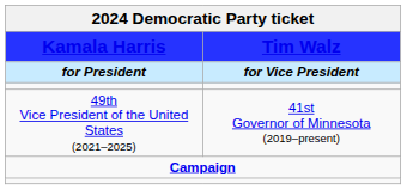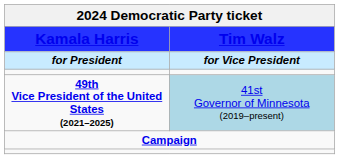 <table class="wikitable" style="font-size:90%; text-align:center;">
 <tr>
 <td colspan="30" style="background:#f1f1f1;"><big><strong>2024 Democratic Party ticket </strong></big></td>
 </tr>
 <tr>
 <th style="width:3em; font-size:135%; background:#2633FF; color:white; width:200px;"><a href='#'><span>Kamala Harris</span></a></th>
 <th style="width:3em; font-size:135%; background:#2633FF; color:white; width:200px;"><a href='#'><span>Tim Walz</span></a></th>
 </tr>
 <tr>
 <td style="width:3em; font-size:100%; color:#000; background:#C8EBFF; width:200px;"><strong><em>for President</em></strong></td>
 <td style="width:3em; font-size:100%; color:#000; background:#C8EBFF; width:200px;"><strong><em>for Vice President</em></strong></td>
 </tr>
 <tr>
 <td></td>
 <td></td>
 </tr>
 <tr>
-<td><a href='#'>49th</a><br><a href='#'>Vice President of the United States</a><br><small>(2021–2025)</small></td>
-<td><a href='#'>41st</a><br><a href='#'>Governor of Minnesota</a><br><small>(2019–present)</small></td>
+<td><strong><a href='#'>49th</a><br><a href='#'>Vice President of the United States</a><br><small>(2021–2025)</small></strong></td>
+<td style="background: lightblue;"><a href='#'>41st</a><br><a href='#'>Governor of Minnesota</a><br><small>(2019–present)</small></td>
 </tr>
 <tr>
 <td colspan="2"><a href='#'><strong>Campaign</strong></a></td>
 </tr>
 <tr>
 <td colspan="2"></td>
 </tr>
 </table>
